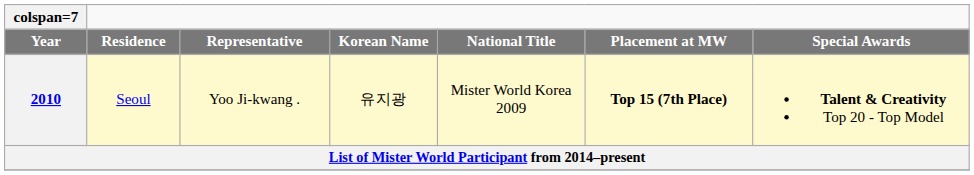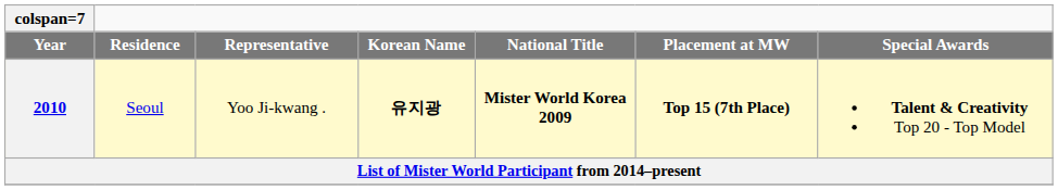 <table class="wikitable sortable" style="font-size: 85%; text-align:center">
 <tr>
 <th>colspan=7 </th>
 </tr>
 <tr>
 <th width="80" style="background-color:#787878;color:#FFFFFF;">Year</th>
 <th width="100" style="background-color:#787878;color:#FFFFFF;">Residence</th>
 <th width="180" style="background-color:#787878;color:#FFFFFF;">Representative</th>
 <th width="150" style="background-color:#787878;color:#FFFFFF;">Korean Name</th>
 <th width="220" style="background-color:#787878;color:#FFFFFF;">National Title</th>
 <th width="250" style="background-color:#787878;color:#FFFFFF;">Placement at MW</th>
 <th width="300" style="background-color:#787878;color:#FFFFFF;">Special Awards</th>
 </tr>
 <tr style="background-color:#FFFACD;">
 <th><a href='#'>2010</a></th>
 <td><a href='#'>Seoul</a></td>
 <td>Yoo Ji-kwang .</td>
-<td>유지광</td>
-<td>Mister World Korea 2009</td>
+<td><strong>유지광</strong></td>
+<td><strong>Mister World Korea 2009</strong></td>
 <td><strong>Top 15 (7th Place)</strong></td>
 <td><br><ul><li><strong>Talent & Creativity</strong></li><li>Top 20 - Top Model</li></ul></td>
 </tr>
 <tr>
 <th colspan="8" style="font-size:95%;"><a href='#'>List of Mister World Participant</a> from 2014–present</th>
 </tr>
 <tr>
 </tr>
 </table>
